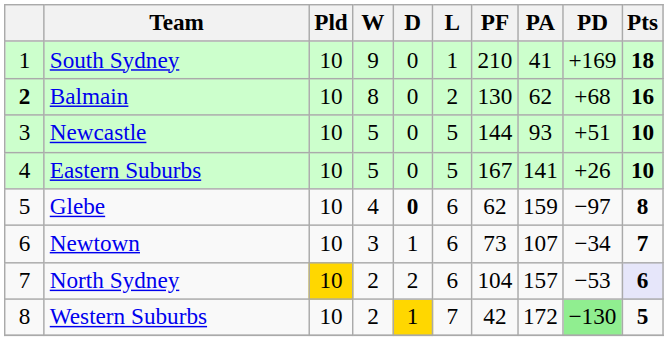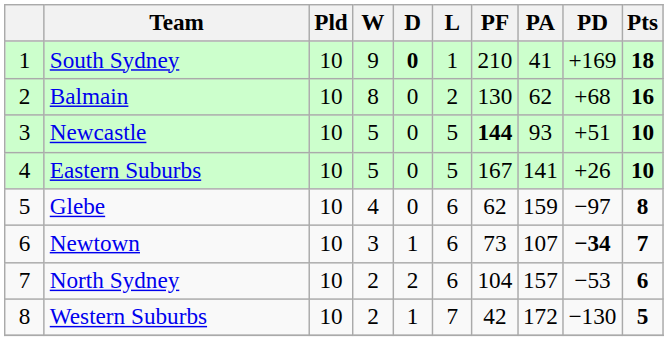 <table class="wikitable" style="text-align:center;">
 <tr>
 <th width=20 abbr="Position×"></th>
 <th width=175>Team</th>
 <th width=20 abbr="Played">Pld</th>
 <th width=20 abbr="Won">W</th>
 <th width=20 abbr="Drawn">D</th>
 <th width=20 abbr="Lost">L</th>
 <th width=20 abbr="Points for">PF</th>
 <th width=20 abbr="Points against">PA</th>
 <th width=20 abbr="Points difference">PD</th>
 <th width=20 abbr="Points">Pts</th>
 </tr>
 <tr style="background: #ccffcc;">
 <td>1</td>
 <td style="text-align:left;"> <a href='#'>South Sydney</a></td>
 <td>10</td>
 <td>9</td>
-<td>0</td>
+<td><strong>0</strong></td>
 <td>1</td>
 <td>210</td>
 <td>41</td>
 <td>+169</td>
 <td><strong>18</strong></td>
 </tr>
 <tr style="background: #ccffcc;">
-<td><strong>2</strong></td>
+<td>2</td>
 <td style="text-align:left;"> <a href='#'>Balmain</a></td>
 <td>10</td>
 <td>8</td>
 <td>0</td>
 <td>2</td>
 <td>130</td>
 <td>62</td>
 <td>+68</td>
 <td><strong>16</strong></td>
 </tr>
 <tr style="background: #ccffcc;">
 <td>3</td>
 <td style="text-align:left;"> <a href='#'>Newcastle</a></td>
 <td>10</td>
 <td>5</td>
 <td>0</td>
 <td>5</td>
-<td>144</td>
+<td><strong>144</strong></td>
 <td>93</td>
 <td>+51</td>
 <td><strong>10</strong></td>
 </tr>
 <tr style="background: #ccffcc;">
 <td>4</td>
 <td style="text-align:left;"> <a href='#'>Eastern Suburbs</a></td>
 <td>10</td>
 <td>5</td>
 <td>0</td>
 <td>5</td>
 <td>167</td>
 <td>141</td>
 <td>+26</td>
 <td><strong>10</strong></td>
 </tr>
 <tr>
 <td>5</td>
 <td style="text-align:left;"> <a href='#'>Glebe</a></td>
 <td>10</td>
 <td>4</td>
-<td><strong>0</strong></td>
+<td>0</td>
 <td>6</td>
 <td>62</td>
 <td>159</td>
 <td>−97</td>
 <td><strong>8</strong></td>
 </tr>
 <tr>
 <td>6</td>
 <td style="text-align:left;"> <a href='#'>Newtown</a></td>
 <td>10</td>
 <td>3</td>
 <td>1</td>
 <td>6</td>
 <td>73</td>
 <td>107</td>
-<td>−34</td>
+<td><strong>−34</strong></td>
 <td><strong>7</strong></td>
 </tr>
 <tr>
 <td>7</td>
 <td style="text-align:left;"> <a href='#'>North Sydney</a></td>
-<td style="background: gold;">10</td>
+<td>10</td>
 <td>2</td>
 <td>2</td>
 <td>6</td>
 <td>104</td>
 <td>157</td>
 <td>−53</td>
-<td style="background: lavender;"><strong>6</strong></td>
+<td><strong>6</strong></td>
 </tr>
 <tr>
 <td>8</td>
 <td style="text-align:left;"> <a href='#'>Western Suburbs</a></td>
 <td>10</td>
 <td>2</td>
-<td style="background: gold;">1</td>
+<td>1</td>
 <td>7</td>
 <td>42</td>
 <td>172</td>
-<td style="background: lightgreen;">−130</td>
+<td>−130</td>
 <td><strong>5</strong></td>
 </tr>
 <tr>
 </tr>
 </table>
